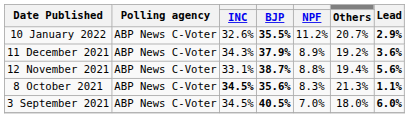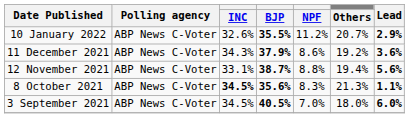 <table class="wikitable sortable" style="text-align:center;font-size:95%">
 <tr>
 <th rowspan="2">Date Published</th>
 <th rowspan="2">Polling agency</th>
 <th style="background:"></th>
 <th style="background:"></th>
 <th style="text-align:center; background:"></th>
 <th style="background:gray;"></th>
 <th rowspan="2">Lead</th>
 </tr>
 <tr>
 <th><a href='#'>INC</a></th>
 <th><a href='#'>BJP</a></th>
 <th><a href='#'>NPF</a></th>
 <th>Others</th>
 </tr>
 <tr>
 <td>10 January 2022</td>
 <td>ABP News C-Voter</td>
 <td>32.6%</td>
 <td style="background:"><strong>35.5%</strong></td>
 <td>11.2%</td>
 <td>20.7%</td>
 <td style="background:"><strong>2.9%</strong></td>
 </tr>
 <tr>
 <td>11 December 2021</td>
 <td>ABP News C-Voter</td>
 <td>34.3%</td>
 <td style="background:"><strong>37.9%</strong></td>
-<td>8.9%</td>
+<td>8.6%</td>
 <td>19.2%</td>
 <td style="background:"><strong>3.6%</strong></td>
 </tr>
 <tr>
 <td>12 November 2021</td>
 <td>ABP News C-Voter</td>
 <td>33.1%</td>
 <td style="background:"><strong>38.7%</strong></td>
 <td>8.8%</td>
 <td>19.4%</td>
 <td style="background:"><strong>5.6%</strong></td>
 </tr>
 <tr>
 <td>8 October 2021</td>
 <td>ABP News C-Voter</td>
 <td><strong>34.5%</strong></td>
 <td style="background:"><strong>35.6%</strong></td>
 <td>8.3%</td>
 <td>21.3%</td>
 <td style="background:"><strong>1.1%</strong></td>
 </tr>
 <tr>
 <td>3 September 2021</td>
 <td>ABP News C-Voter</td>
 <td>34.5%</td>
 <td style="background:"><strong>40.5%</strong></td>
 <td>7.0%</td>
 <td>18.0%</td>
 <td style="background:"><strong>6.0%</strong></td>
 </tr>
 <tr>
 </tr>
 </table>
